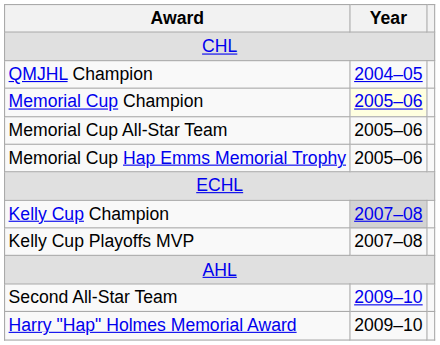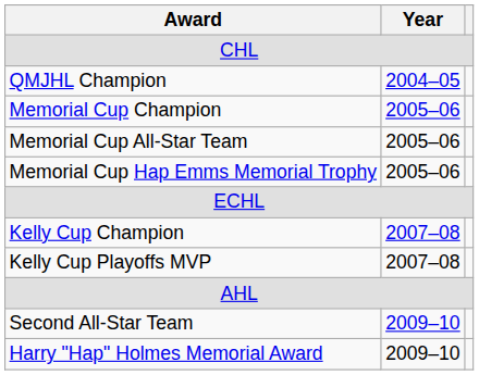 <table class="wikitable">
 <tr>
 <th>Award</th>
 <th>Year</th>
 <th></th>
 </tr>
 <tr ALIGN="center" bgcolor="#e0e0e0">
 <td colspan="3"><a href='#'>CHL</a></td>
 </tr>
 <tr>
 <td><a href='#'>QMJHL</a> Champion</td>
 <td><a href='#'>2004–05</a></td>
 <td></td>
 </tr>
 <tr>
 <td><a href='#'>Memorial Cup</a> Champion</td>
-<td style="background: lightyellow;"><a href='#'>2005–06</a></td>
+<td><a href='#'>2005–06</a></td>
 <td></td>
 </tr>
 <tr>
 <td>Memorial Cup All-Star Team</td>
 <td>2005–06</td>
 <td></td>
 </tr>
 <tr>
 <td>Memorial Cup <a href='#'>Hap Emms Memorial Trophy</a></td>
 <td>2005–06</td>
 <td></td>
 </tr>
 <tr ALIGN="center" bgcolor="#e0e0e0">
 <td colspan="3"><a href='#'>ECHL</a></td>
 </tr>
 <tr>
 <td><a href='#'>Kelly Cup</a> Champion</td>
-<td style="background: lightgrey;"><a href='#'>2007–08</a></td>
+<td><a href='#'>2007–08</a></td>
 <td></td>
 </tr>
 <tr>
 <td>Kelly Cup Playoffs MVP</td>
 <td>2007–08</td>
 <td></td>
 </tr>
 <tr ALIGN="center" bgcolor="#e0e0e0">
 <td colspan="3"><a href='#'>AHL</a></td>
 </tr>
 <tr>
 <td>Second All-Star Team</td>
 <td><a href='#'>2009–10</a></td>
 <td></td>
 </tr>
 <tr>
 <td><a href='#'>Harry "Hap" Holmes Memorial Award</a></td>
 <td>2009–10</td>
 <td></td>
 </tr>
 </table>
